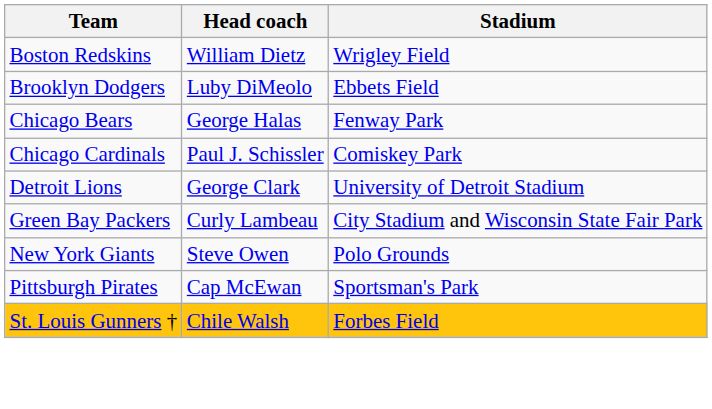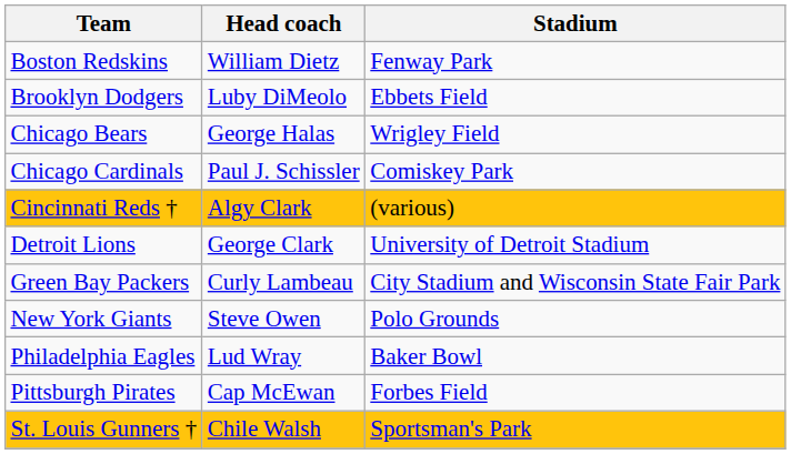 <table class="wikitable">
 <tr>
 <th>Team</th>
 <th>Head coach</th>
 <th>Stadium</th>
 </tr>
 <tr>
 <td><a href='#'>Boston Redskins</a></td>
 <td><a href='#'>William Dietz</a></td>
-<td><a href='#'>Wrigley Field</a></td>
+<td><a href='#'>Fenway Park</a></td>
 </tr>
 <tr>
 <td><a href='#'>Brooklyn Dodgers</a></td>
 <td><a href='#'>Luby DiMeolo</a></td>
 <td><a href='#'>Ebbets Field</a></td>
 </tr>
 <tr>
 <td><a href='#'>Chicago Bears</a></td>
 <td><a href='#'>George Halas</a></td>
-<td><a href='#'>Fenway Park</a></td>
+<td><a href='#'>Wrigley Field</a></td>
 </tr>
 <tr>
 <td><a href='#'>Chicago Cardinals</a></td>
 <td><a href='#'>Paul J. Schissler</a></td>
 <td><a href='#'>Comiskey Park</a></td>
+</tr>
+<tr style="background-color:#FFC40C">
+<td><a href='#'>Cincinnati Reds</a> †</td>
+<td><a href='#'>Algy Clark</a></td>
+<td>(various)</td>
 </tr>
 <tr>
 <td><a href='#'>Detroit Lions</a></td>
 <td><a href='#'>George Clark</a></td>
 <td><a href='#'>University of Detroit Stadium</a></td>
 </tr>
 <tr>
 <td><a href='#'>Green Bay Packers</a></td>
 <td><a href='#'>Curly Lambeau</a></td>
 <td><a href='#'>City Stadium</a> and <a href='#'>Wisconsin State Fair Park</a></td>
 </tr>
 <tr>
 <td><a href='#'>New York Giants</a></td>
 <td><a href='#'>Steve Owen</a></td>
 <td><a href='#'>Polo Grounds</a></td>
 </tr>
 <tr>
+<td><a href='#'>Philadelphia Eagles</a></td>
+<td><a href='#'>Lud Wray</a></td>
+<td><a href='#'>Baker Bowl</a></td>
+</tr>
+<tr>
 <td><a href='#'>Pittsburgh Pirates</a></td>
 <td><a href='#'>Cap McEwan</a></td>
-<td><a href='#'>Sportsman's Park</a></td>
+<td><a href='#'>Forbes Field</a></td>
 </tr>
 <tr style="background-color:#FFC40C">
 <td><a href='#'>St. Louis Gunners</a> †</td>
 <td><a href='#'>Chile Walsh</a></td>
-<td><a href='#'>Forbes Field</a></td>
+<td><a href='#'>Sportsman's Park</a></td>
 </tr>
 <tr>
 </tr>
 </table>
